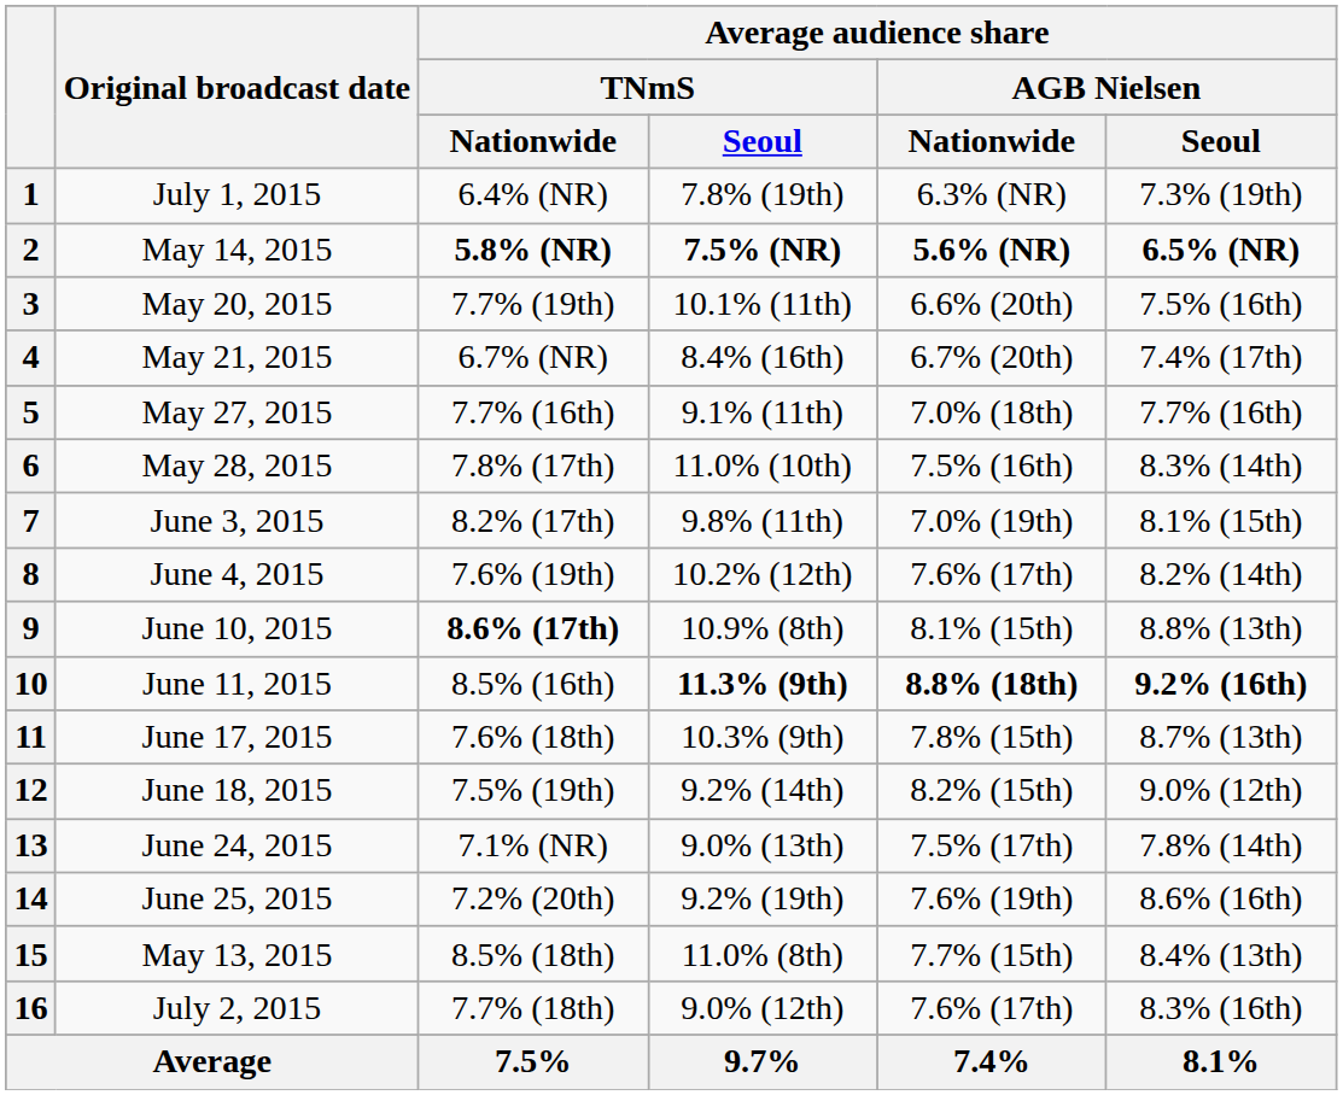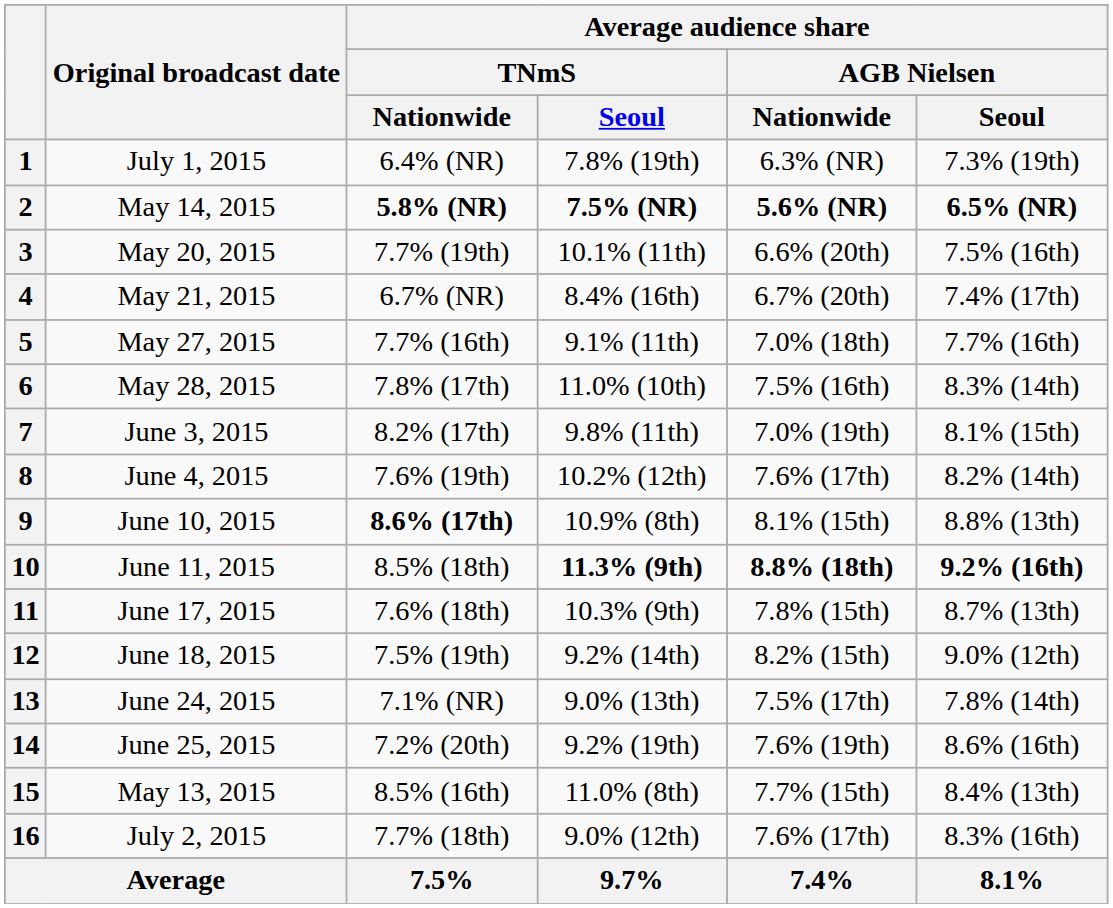 <table class=wikitable style="text-align:center">
 <tr>
 <th rowspan="3"></th>
 <th rowspan="3">Original broadcast date</th>
 <th colspan="4">Average audience share</th>
 </tr>
 <tr>
 <th colspan="2">TNmS</th>
 <th colspan="2">AGB Nielsen</th>
 </tr>
 <tr>
 <th width=100>Nationwide</th>
 <th width=100><a href='#'>Seoul</a></th>
 <th width=100>Nationwide</th>
 <th width=100>Seoul</th>
 </tr>
 <tr>
 <th>1</th>
 <td>July 1, 2015</td>
 <td>6.4% (NR)</td>
 <td>7.8% (19th)</td>
 <td>6.3% (NR)</td>
 <td>7.3% (19th)</td>
 </tr>
 <tr>
 <th>2</th>
 <td>May 14, 2015</td>
 <td><span><strong>5.8% (NR)</strong></span></td>
 <td><span><strong>7.5% (NR)</strong></span></td>
 <td><span><strong>5.6% (NR)</strong></span></td>
 <td><span><strong>6.5% (NR)</strong></span></td>
 </tr>
 <tr>
 <th>3</th>
 <td>May 20, 2015</td>
 <td>7.7% (19th)</td>
 <td>10.1% (11th)</td>
 <td>6.6% (20th)</td>
 <td>7.5% (16th)</td>
 </tr>
 <tr>
 <th>4</th>
 <td>May 21, 2015</td>
 <td>6.7% (NR)</td>
 <td>8.4% (16th)</td>
 <td>6.7% (20th)</td>
 <td>7.4% (17th)</td>
 </tr>
 <tr>
 <th>5</th>
 <td>May 27, 2015</td>
 <td>7.7% (16th)</td>
 <td>9.1% (11th)</td>
 <td>7.0% (18th)</td>
 <td>7.7% (16th)</td>
 </tr>
 <tr>
 <th>6</th>
 <td>May 28, 2015</td>
 <td>7.8% (17th)</td>
 <td>11.0% (10th)</td>
 <td>7.5% (16th)</td>
 <td>8.3% (14th)</td>
 </tr>
 <tr>
 <th>7</th>
 <td>June 3, 2015</td>
 <td>8.2% (17th)</td>
 <td>9.8% (11th)</td>
 <td>7.0% (19th)</td>
 <td>8.1% (15th)</td>
 </tr>
 <tr>
 <th>8</th>
 <td>June 4, 2015</td>
 <td>7.6% (19th)</td>
 <td>10.2% (12th)</td>
 <td>7.6% (17th)</td>
 <td>8.2% (14th)</td>
 </tr>
 <tr>
 <th>9</th>
 <td>June 10, 2015</td>
 <td><span><strong>8.6% (17th)</strong></span></td>
 <td>10.9% (8th)</td>
 <td>8.1% (15th)</td>
 <td>8.8% (13th)</td>
 </tr>
 <tr>
 <th>10</th>
 <td>June 11, 2015</td>
-<td>8.5% (16th)</td>
+<td>8.5% (18th)</td>
 <td><span><strong>11.3% (9th)</strong></span></td>
 <td><span><strong>8.8% (18th)</strong></span></td>
 <td><span><strong>9.2% (16th)</strong></span></td>
 </tr>
 <tr>
 <th>11</th>
 <td>June 17, 2015</td>
 <td>7.6% (18th)</td>
 <td>10.3% (9th)</td>
 <td>7.8% (15th)</td>
 <td>8.7% (13th)</td>
 </tr>
 <tr>
 <th>12</th>
 <td>June 18, 2015</td>
 <td>7.5% (19th)</td>
 <td>9.2% (14th)</td>
 <td>8.2% (15th)</td>
 <td>9.0% (12th)</td>
 </tr>
 <tr>
 <th>13</th>
 <td>June 24, 2015</td>
 <td>7.1% (NR)</td>
 <td>9.0% (13th)</td>
 <td>7.5% (17th)</td>
 <td>7.8% (14th)</td>
 </tr>
 <tr>
 <th>14</th>
 <td>June 25, 2015</td>
 <td>7.2% (20th)</td>
 <td>9.2% (19th)</td>
 <td>7.6% (19th)</td>
 <td>8.6% (16th)</td>
 </tr>
 <tr>
 <th>15</th>
 <td>May 13, 2015</td>
-<td>8.5% (18th)</td>
+<td>8.5% (16th)</td>
 <td>11.0% (8th)</td>
 <td>7.7% (15th)</td>
 <td>8.4% (13th)</td>
 </tr>
 <tr>
 <th>16</th>
 <td>July 2, 2015</td>
 <td>7.7% (18th)</td>
 <td>9.0% (12th)</td>
 <td>7.6% (17th)</td>
 <td>8.3% (16th)</td>
 </tr>
 <tr>
 <th colspan=2>Average</th>
 <th>7.5%</th>
 <th>9.7%</th>
 <th>7.4%</th>
 <th>8.1%</th>
 </tr>
 </table>
